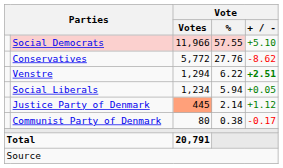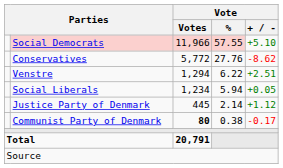 <table class="wikitable" style="text-align:right;">
 <tr>
 <th style="text-align:centre;" rowspan="2" colspan="2" width="225">Parties</th>
 <th colspan="3">Vote</th>
 </tr>
 <tr>
 <th width="15">Votes</th>
 <th width="15">%</th>
 <th width="15">+ / -</th>
 </tr>
 <tr>
 <td width="2" style="color:inherit;background:"></td>
 <td bgcolor=#fbd0ce  align="left"><a href='#'>Social Democrats</a></td>
 <td bgcolor=#fbd0ce>11,966</td>
 <td bgcolor=#fbd0ce>57.55</td>
 <td style=color:green;>+5.10</td>
 </tr>
 <tr>
 <td width="2" style="color:inherit;background:"></td>
 <td align="left"><a href='#'>Conservatives</a></td>
 <td>5,772</td>
 <td>27.76</td>
 <td style=color:red;>-8.62</td>
 </tr>
 <tr>
 <td width="2" style="color:inherit;background:"></td>
 <td align="left"><a href='#'>Venstre</a></td>
 <td>1,294</td>
 <td>6.22</td>
-<td style=color:green;><strong>+2.51</strong></td>
+<td style=color:green;>+2.51</td>
 </tr>
 <tr>
 <td width="2" style="color:inherit;background:"></td>
 <td align="left"><a href='#'>Social Liberals</a></td>
 <td>1,234</td>
 <td>5.94</td>
 <td style=color:green;>+0.05</td>
 </tr>
 <tr>
 <td width="2" style="color:inherit;background:"></td>
 <td align="left"><a href='#'>Justice Party of Denmark</a></td>
-<td style="background: lightsalmon;">445</td>
+<td>445</td>
 <td>2.14</td>
 <td style=color:green;>+1.12</td>
 </tr>
 <tr>
 <td width="2" style="color:inherit;background:"></td>
 <td align="left"><a href='#'>Communist Party of Denmark</a></td>
-<td>80</td>
+<td><strong>80</strong></td>
 <td>0.38</td>
 <td style=color:red;>-0.17</td>
 </tr>
 <tr>
 <td colspan="7" bgcolor="#E9E9E9"></td>
 </tr>
 <tr>
 <td align="left" colspan="2"><strong>Total</strong></td>
 <td><strong>20,791</strong></td>
 <td bgcolor="#E9E9E9" colspan="2"></td>
 </tr>
 <tr>
 <td align="left" colspan="6">Source</td>
 </tr>
 </table>
